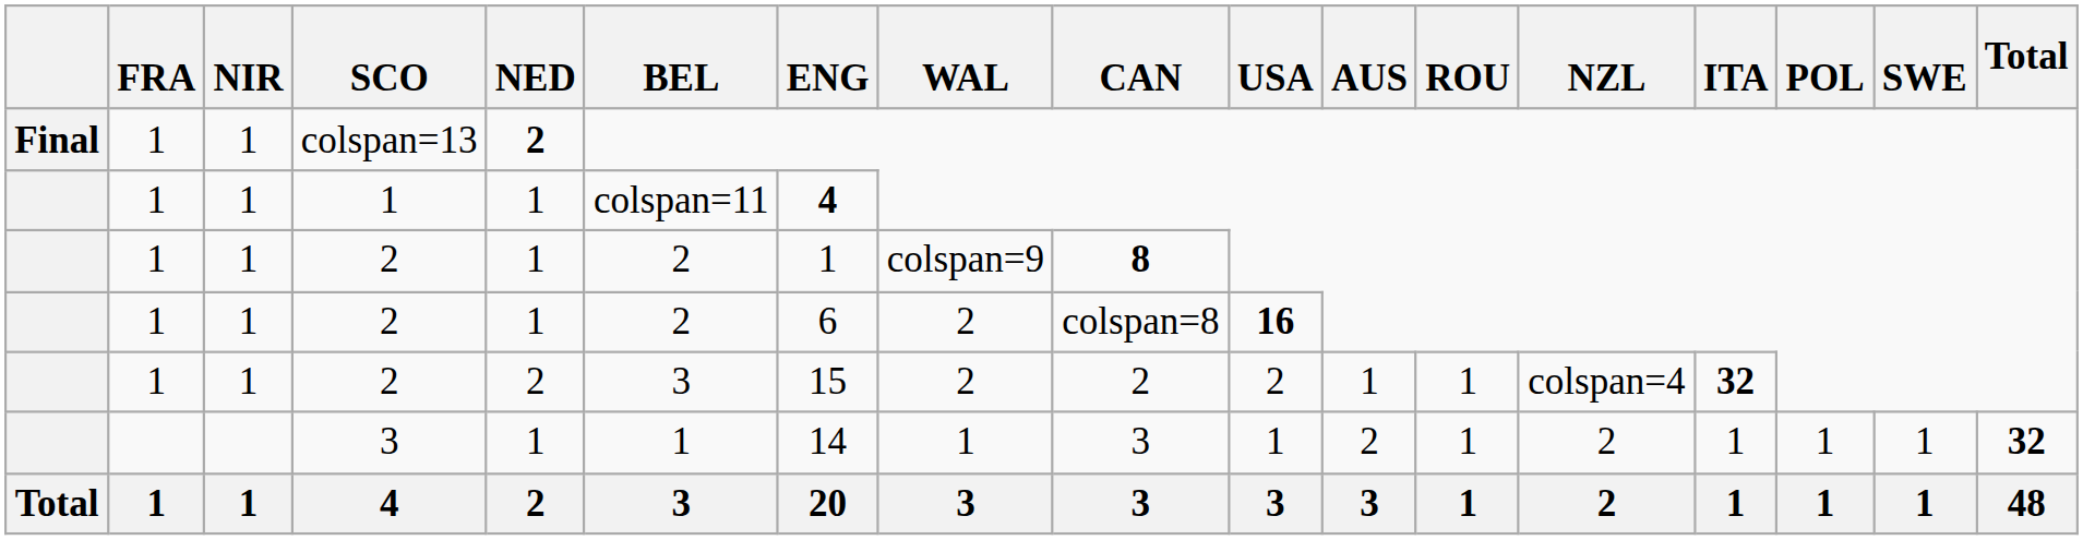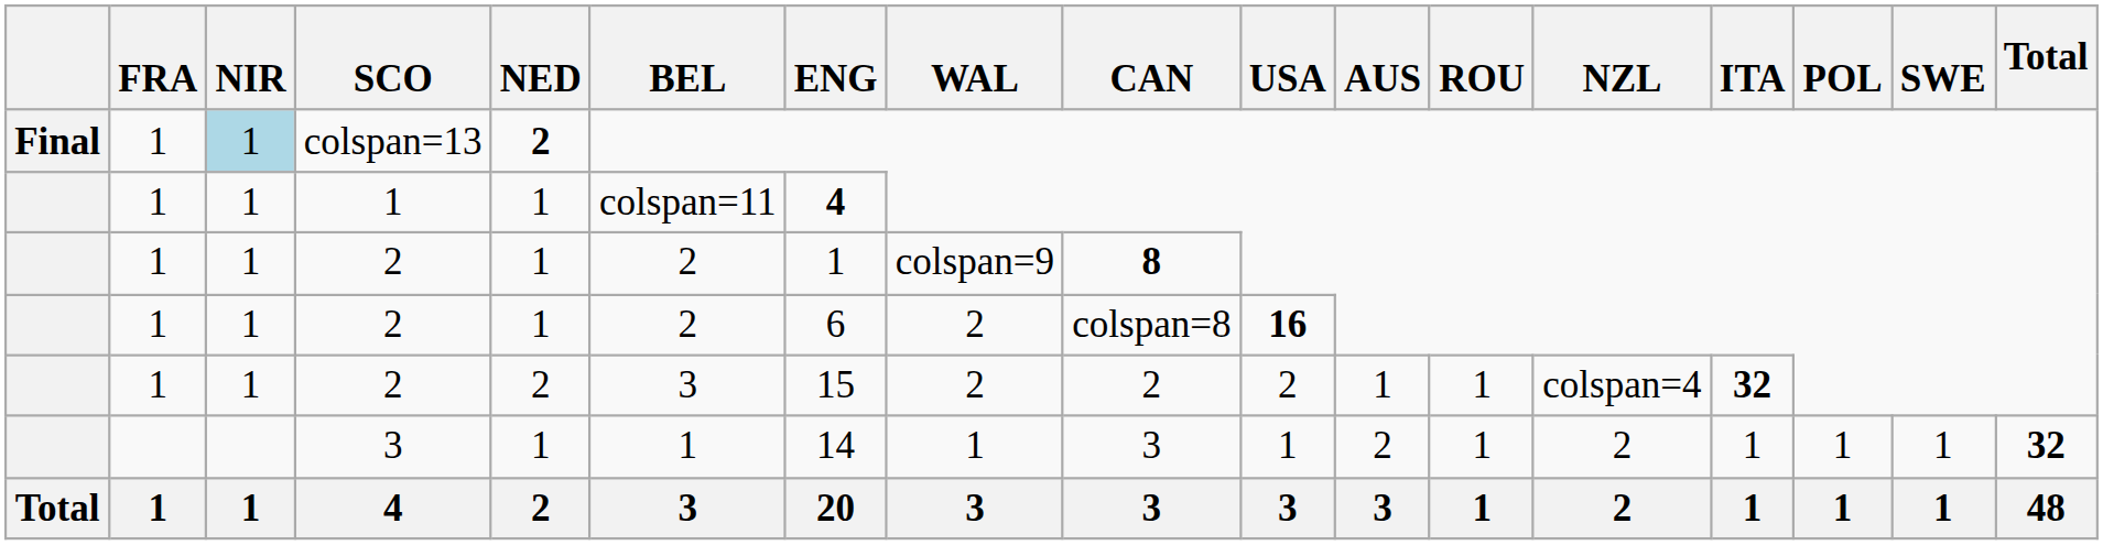 <table class="wikitable">
 <tr>
 <th></th>
 <th><br>FRA</th>
 <th><br>NIR</th>
 <th><br>SCO</th>
 <th><br>NED</th>
 <th><br>BEL</th>
 <th><br>ENG</th>
 <th><br>WAL</th>
 <th><br>CAN</th>
 <th><br>USA</th>
 <th><br>AUS</th>
 <th><br>ROU</th>
 <th><br>NZL</th>
 <th><br>ITA</th>
 <th><br>POL</th>
 <th><br>SWE</th>
 <th>Total</th>
 </tr>
 <tr align="center">
 <th>Final</th>
 <td>1</td>
-<td>1</td>
+<td style="background: lightblue;">1</td>
 <td>colspan=13 </td>
 <td><strong>2</strong></td>
 </tr>
 <tr align="center">
 <th></th>
 <td>1</td>
 <td>1</td>
 <td>1</td>
 <td>1</td>
 <td>colspan=11 </td>
 <td><strong>4</strong></td>
 </tr>
 <tr align="center">
 <th></th>
 <td>1</td>
 <td>1</td>
 <td>2</td>
 <td>1</td>
 <td>2</td>
 <td>1</td>
 <td>colspan=9 </td>
 <td><strong>8</strong></td>
 </tr>
 <tr align="center">
 <th></th>
 <td>1</td>
 <td>1</td>
 <td>2</td>
 <td>1</td>
 <td>2</td>
 <td>6</td>
 <td>2</td>
 <td>colspan=8 </td>
 <td><strong>16</strong></td>
 </tr>
 <tr align="center">
 <th></th>
 <td>1</td>
 <td>1</td>
 <td>2</td>
 <td>2</td>
 <td>3</td>
 <td>15</td>
 <td>2</td>
 <td>2</td>
 <td>2</td>
 <td>1</td>
 <td>1</td>
 <td>colspan=4 </td>
 <td><strong>32</strong></td>
 </tr>
 <tr align="center">
 <th></th>
 <td></td>
 <td></td>
 <td>3</td>
 <td>1</td>
 <td>1</td>
 <td>14</td>
 <td>1</td>
 <td>3</td>
 <td>1</td>
 <td>2</td>
 <td>1</td>
 <td>2</td>
 <td>1</td>
 <td>1</td>
 <td>1</td>
 <td><strong>32</strong></td>
 </tr>
 <tr align="center">
 <th>Total</th>
 <th>1</th>
 <th>1</th>
 <th>4</th>
 <th>2</th>
 <th>3</th>
 <th>20</th>
 <th>3</th>
 <th>3</th>
 <th>3</th>
 <th>3</th>
 <th>1</th>
 <th>2</th>
 <th>1</th>
 <th>1</th>
 <th>1</th>
 <th>48</th>
 </tr>
 </table>
